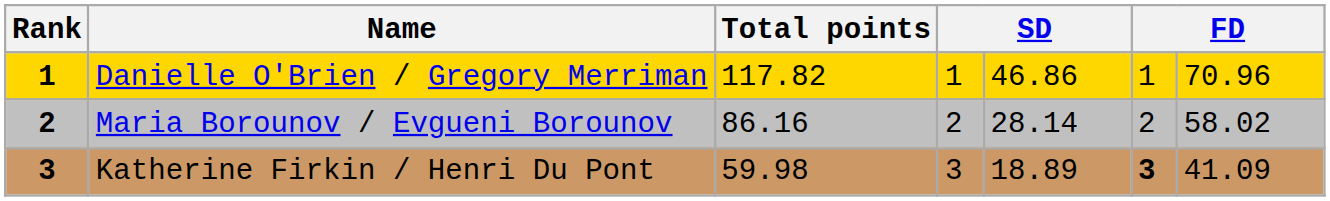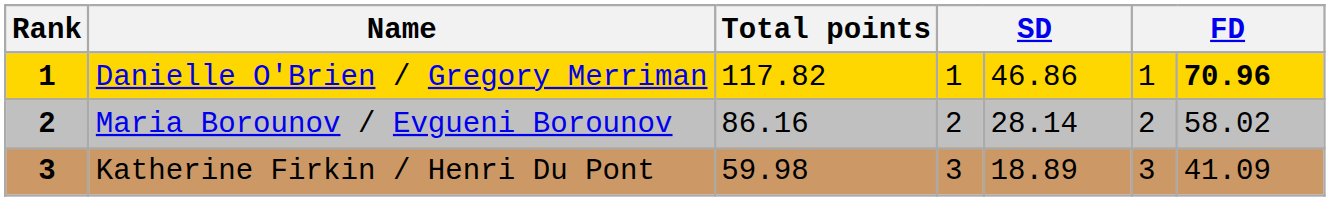 <table class="wikitable sortable">
 <tr>
 <th>Rank</th>
 <th>Name</th>
 <th>Total points</th>
 <th colspan="2" width="80px"><a href='#'>SD</a></th>
 <th colspan="2" width="80px"><a href='#'>FD</a></th>
 </tr>
 <tr bgcolor="gold">
 <td align="center"><strong>1</strong></td>
 <td><a href='#'>Danielle O'Brien</a> / <a href='#'>Gregory Merriman</a></td>
 <td>117.82</td>
 <td>1</td>
 <td>46.86</td>
 <td>1</td>
-<td>70.96</td>
+<td><strong>70.96</strong></td>
 </tr>
 <tr bgcolor="silver">
 <td align="center"><strong>2</strong></td>
 <td><a href='#'>Maria Borounov</a> / <a href='#'>Evgueni Borounov</a></td>
 <td>86.16</td>
 <td>2</td>
 <td>28.14</td>
 <td>2</td>
 <td>58.02</td>
 </tr>
 <tr bgcolor="cc9966">
 <td align="center"><strong>3</strong></td>
 <td>Katherine Firkin / Henri Du Pont</td>
 <td>59.98</td>
 <td>3</td>
 <td>18.89</td>
-<td><strong>3</strong></td>
+<td>3</td>
 <td>41.09</td>
 </tr>
 </table>
